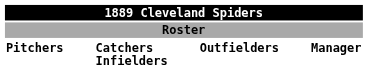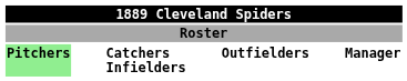 <table class="toccolours" style="font-size: 95%;">
 <tr>
 <th colspan="10" style="background-color: #000000; color: #FFFFFF; text-align: center;">1889 Cleveland Spiders</th>
 </tr>
 <tr>
 <td colspan="10" style="background-color: #A9A9A9; color: #000000; text-align: center;"><strong>Roster</strong></td>
 </tr>
 <tr>
-<td valign="top"><strong>Pitchers</strong><br>    </td>
+<td valign="top" style="background: lightgreen;"><strong>Pitchers</strong><br>    </td>
 <td width="25px"></td>
 <td valign="top"><strong>Catchers</strong><br>   <strong>Infielders</strong>    </td>
 <td width="25px"></td>
 <td valign="top"><strong>Outfielders</strong><br>   </td>
 <td width="25px"></td>
 <td valign="top"><strong>Manager</strong><br></td>
 </tr>
 </table>
